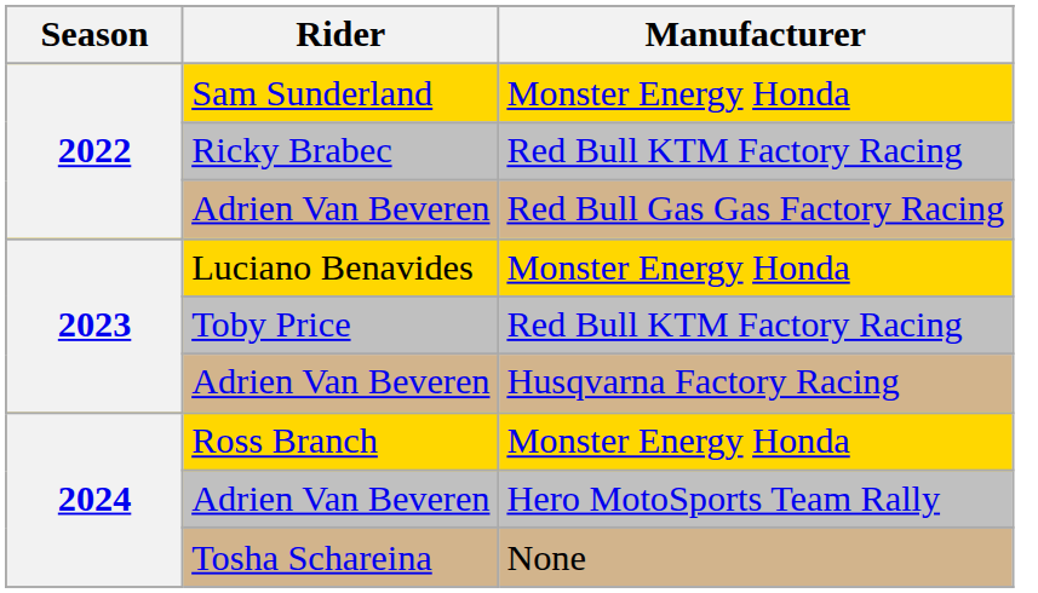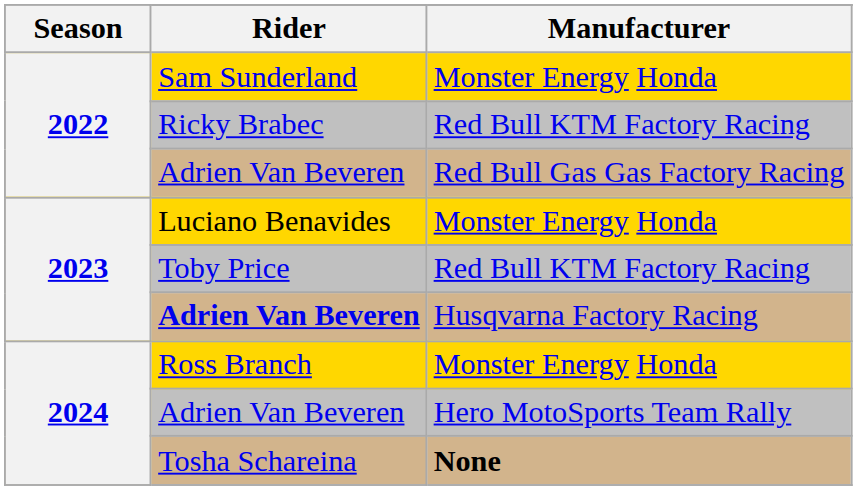 <table class="wikitable" style="font-size:100%;">
 <tr style="background:#efefef;">
 <th rowspan="2" style="width:70px;">Season</th>
 </tr>
 <tr>
 <th>Rider</th>
 <th>Manufacturer</th>
 </tr>
 <tr style="background:gold;">
 <th rowspan="3"><a href='#'>2022</a></th>
 <td> <a href='#'>Sam Sunderland</a></td>
 <td> <a href='#'>Monster Energy</a> <a href='#'>Honda</a></td>
 </tr>
 <tr style="background:silver;">
 <td> <a href='#'>Ricky Brabec</a></td>
 <td> <a href='#'>Red Bull KTM Factory Racing</a></td>
 </tr>
 <tr style="background:tan;">
 <td> <a href='#'>Adrien Van Beveren</a></td>
 <td> <a href='#'>Red Bull Gas Gas Factory Racing</a></td>
 </tr>
 <tr style="background:gold;">
 <th rowspan="3"><a href='#'>2023</a></th>
 <td> Luciano Benavides</td>
 <td> <a href='#'>Monster Energy</a> <a href='#'>Honda</a></td>
 </tr>
 <tr style="background:silver;">
 <td> <a href='#'>Toby Price</a></td>
 <td> <a href='#'>Red Bull KTM Factory Racing</a></td>
 </tr>
 <tr style="background:tan;">
-<td> <a href='#'>Adrien Van Beveren</a></td>
+<td><strong> <a href='#'>Adrien Van Beveren</a></strong></td>
 <td> <a href='#'>Husqvarna Factory Racing</a></td>
 </tr>
 <tr style="background:gold;">
 <th rowspan="3"><a href='#'>2024</a></th>
 <td> <a href='#'>Ross Branch</a></td>
 <td> <a href='#'>Monster Energy</a> <a href='#'>Honda</a></td>
 </tr>
 <tr style="background:silver;">
 <td> <a href='#'>Adrien Van Beveren</a></td>
 <td> <a href='#'>Hero MotoSports Team Rally</a></td>
 </tr>
 <tr style="background:tan;">
 <td> <a href='#'>Tosha Schareina</a></td>
-<td>None</td>
+<td><strong>None</strong></td>
 </tr>
 </table>
